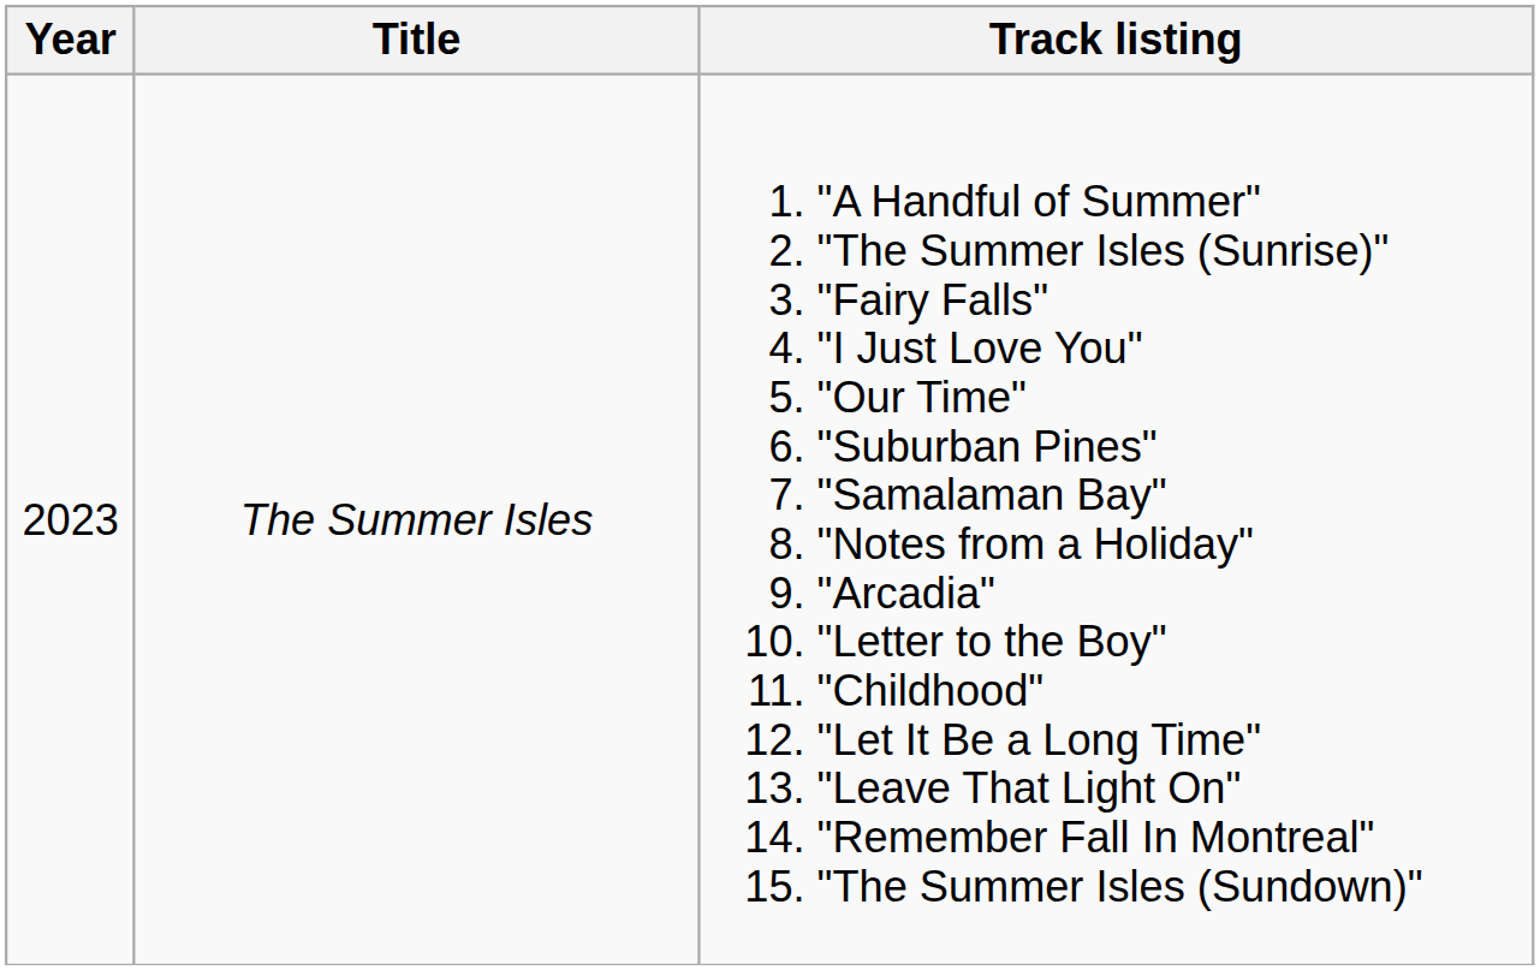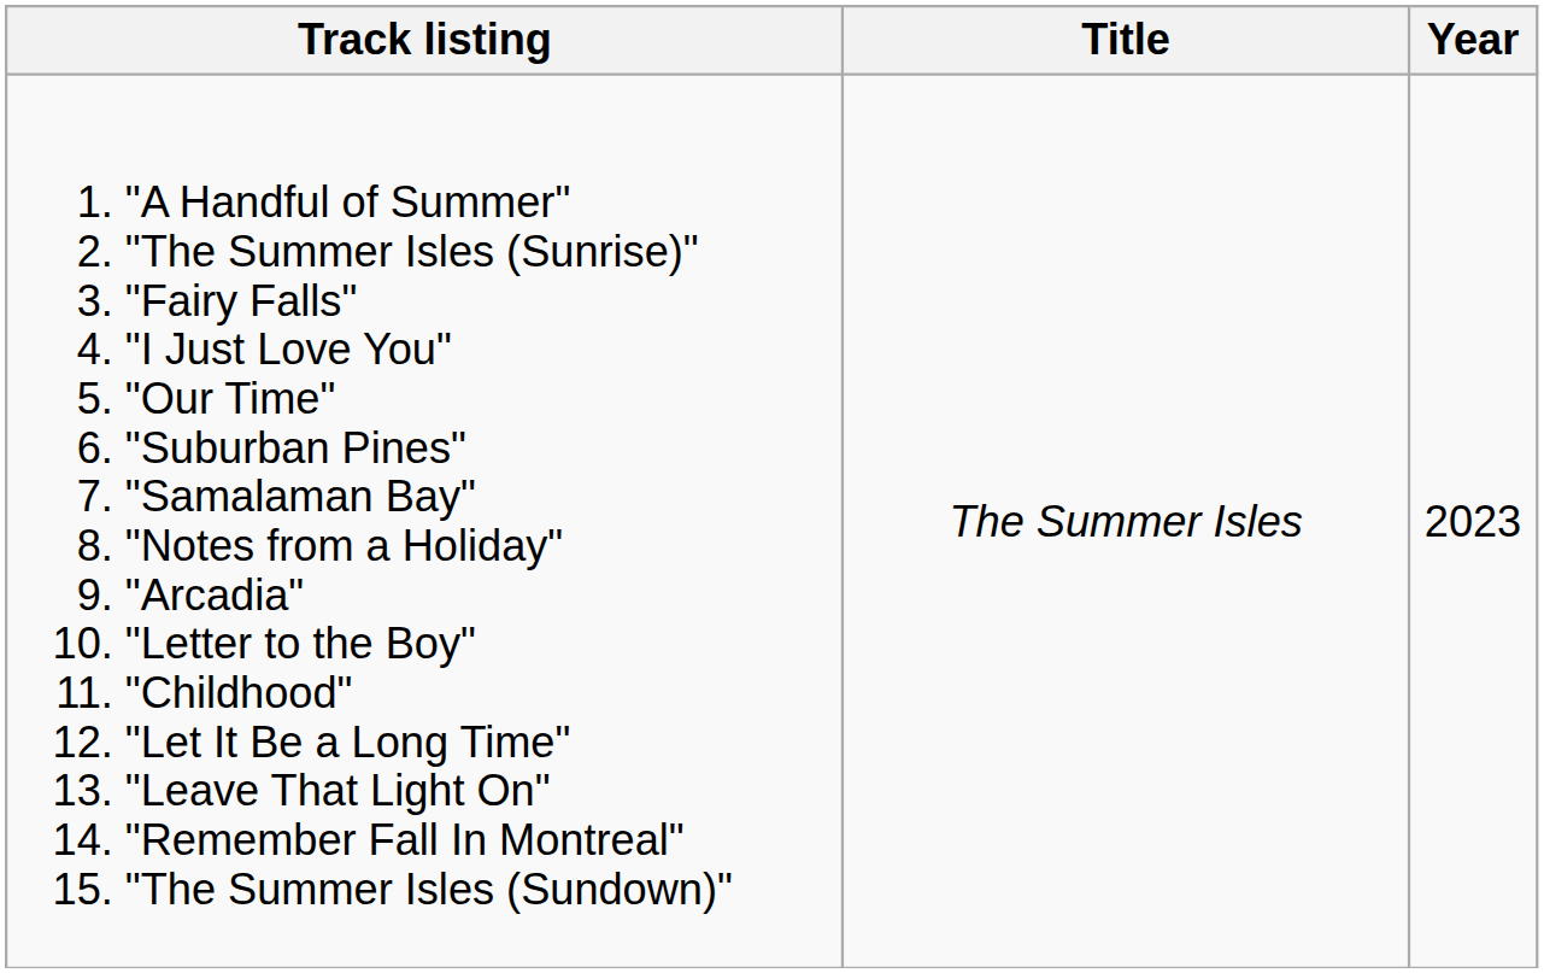 <table class="wikitable">
 <tr>
+<th width="300">Track listing</th>
+<th width="200">Title</th>
 <th width="40">Year</th>
-<th width="200">Title</th>
-<th width="300">Track listing</th>
 </tr>
 <tr>
+<td><br><ol><li>"A Handful of Summer"</li><li>"The Summer Isles (Sunrise)"</li><li>"Fairy Falls"</li><li>"I Just Love You"</li><li>"Our Time"</li><li>"Suburban Pines"</li><li>"Samalaman Bay"</li><li>"Notes from a Holiday"</li><li>"Arcadia"</li><li>"Letter to the Boy"</li><li>"Childhood"</li><li>"Let It Be a Long Time"</li><li>"Leave That Light On"</li><li>"Remember Fall In Montreal"</li><li>"The Summer Isles (Sundown)"</li></ol></td>
+<td align="center"><em>The Summer Isles</em></td>
 <td align="center">2023</td>
-<td align="center"><em>The Summer Isles</em></td>
-<td><br><ol><li>"A Handful of Summer"</li><li>"The Summer Isles (Sunrise)"</li><li>"Fairy Falls"</li><li>"I Just Love You"</li><li>"Our Time"</li><li>"Suburban Pines"</li><li>"Samalaman Bay"</li><li>"Notes from a Holiday"</li><li>"Arcadia"</li><li>"Letter to the Boy"</li><li>"Childhood"</li><li>"Let It Be a Long Time"</li><li>"Leave That Light On"</li><li>"Remember Fall In Montreal"</li><li>"The Summer Isles (Sundown)"</li></ol></td>
 </tr>
 </table>
